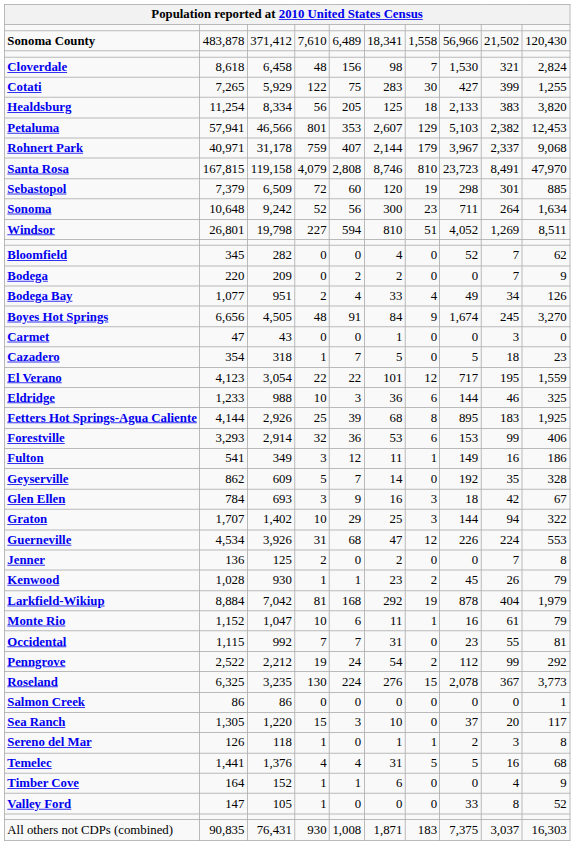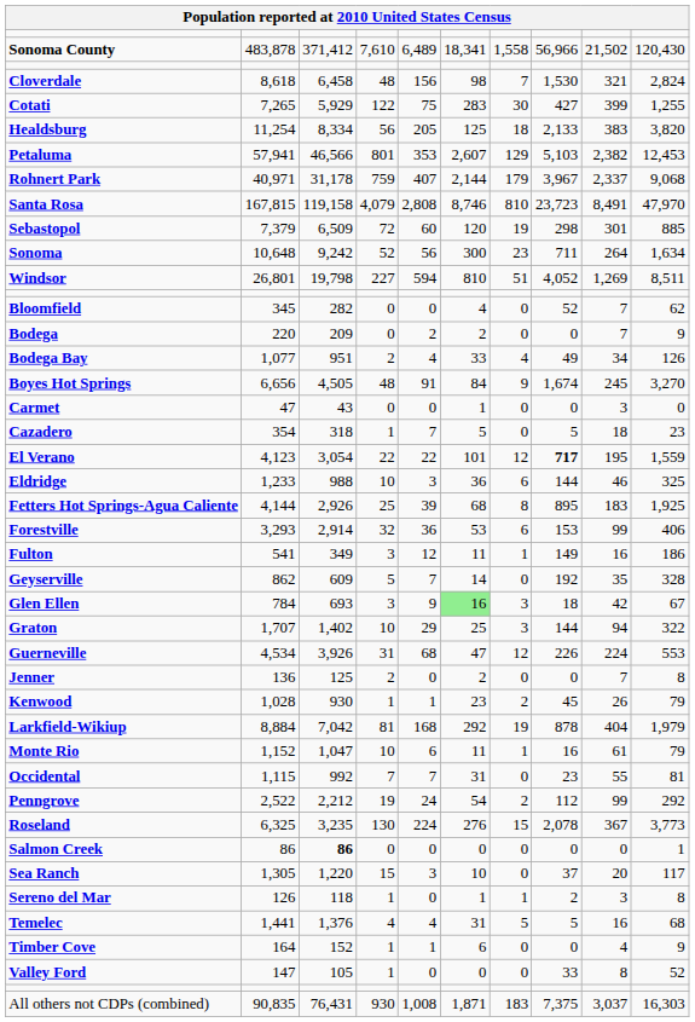 <table class="wikitable collapsible collapsed">
 <tr>
 <th colspan=10>Population reported at <a href='#'>2010 United States Census</a></th>
 </tr>
 <tr>
 <td></td>
 <td></td>
 <td></td>
 <td></td>
 <td></td>
 <td></td>
 <td></td>
 <td></td>
 <td></td>
 <td></td>
 </tr>
 <tr>
 <td><strong> Sonoma County</strong></td>
 <td align="right">483,878</td>
 <td align="right">371,412</td>
 <td align="right">7,610</td>
 <td align="right">6,489</td>
 <td align="right">18,341</td>
 <td align="right">1,558</td>
 <td align="right">56,966</td>
 <td align="right">21,502</td>
 <td align="right">120,430</td>
 </tr>
 <tr>
 <td></td>
 <td></td>
 <td></td>
 <td></td>
 <td></td>
 <td></td>
 <td></td>
 <td></td>
 <td></td>
 <td></td>
 </tr>
 <tr>
 <td><strong><a href='#'>Cloverdale</a></strong></td>
 <td align="right">8,618</td>
 <td align="right">6,458</td>
 <td align="right">48</td>
 <td align="right">156</td>
 <td align="right">98</td>
 <td align="right">7</td>
 <td align="right">1,530</td>
 <td align="right">321</td>
 <td align="right">2,824</td>
 </tr>
 <tr>
 <td><strong><a href='#'>Cotati</a></strong></td>
 <td align="right">7,265</td>
 <td align="right">5,929</td>
 <td align="right">122</td>
 <td align="right">75</td>
 <td align="right">283</td>
 <td align="right">30</td>
 <td align="right">427</td>
 <td align="right">399</td>
 <td align="right">1,255</td>
 </tr>
 <tr>
 <td><strong><a href='#'>Healdsburg</a></strong></td>
 <td align="right">11,254</td>
 <td align="right">8,334</td>
 <td align="right">56</td>
 <td align="right">205</td>
 <td align="right">125</td>
 <td align="right">18</td>
 <td align="right">2,133</td>
 <td align="right">383</td>
 <td align="right">3,820</td>
 </tr>
 <tr>
 <td><strong><a href='#'>Petaluma</a></strong></td>
 <td align="right">57,941</td>
 <td align="right">46,566</td>
 <td align="right">801</td>
 <td align="right">353</td>
 <td align="right">2,607</td>
 <td align="right">129</td>
 <td align="right">5,103</td>
 <td align="right">2,382</td>
 <td align="right">12,453</td>
 </tr>
 <tr>
 <td><strong><a href='#'>Rohnert Park</a></strong></td>
 <td align="right">40,971</td>
 <td align="right">31,178</td>
 <td align="right">759</td>
 <td align="right">407</td>
 <td align="right">2,144</td>
 <td align="right">179</td>
 <td align="right">3,967</td>
 <td align="right">2,337</td>
 <td align="right">9,068</td>
 </tr>
 <tr>
 <td><strong><a href='#'>Santa Rosa</a></strong></td>
 <td align="right">167,815</td>
 <td align="right">119,158</td>
 <td align="right">4,079</td>
 <td align="right">2,808</td>
 <td align="right">8,746</td>
 <td align="right">810</td>
 <td align="right">23,723</td>
 <td align="right">8,491</td>
 <td align="right">47,970</td>
 </tr>
 <tr>
 <td><strong><a href='#'>Sebastopol</a></strong></td>
 <td align="right">7,379</td>
 <td align="right">6,509</td>
 <td align="right">72</td>
 <td align="right">60</td>
 <td align="right">120</td>
 <td align="right">19</td>
 <td align="right">298</td>
 <td align="right">301</td>
 <td align="right">885</td>
 </tr>
 <tr>
 <td><strong><a href='#'>Sonoma</a></strong></td>
 <td align="right">10,648</td>
 <td align="right">9,242</td>
 <td align="right">52</td>
 <td align="right">56</td>
 <td align="right">300</td>
 <td align="right">23</td>
 <td align="right">711</td>
 <td align="right">264</td>
 <td align="right">1,634</td>
 </tr>
 <tr>
 <td><strong><a href='#'>Windsor</a></strong></td>
 <td align="right">26,801</td>
 <td align="right">19,798</td>
 <td align="right">227</td>
 <td align="right">594</td>
 <td align="right">810</td>
 <td align="right">51</td>
 <td align="right">4,052</td>
 <td align="right">1,269</td>
 <td align="right">8,511</td>
 </tr>
 <tr>
 <td></td>
 <td></td>
 <td></td>
 <td></td>
 <td></td>
 <td></td>
 <td></td>
 <td></td>
 <td></td>
 <td></td>
 </tr>
 <tr>
 <td><strong><a href='#'>Bloomfield</a></strong></td>
 <td align="right">345</td>
 <td align="right">282</td>
 <td align="right">0</td>
 <td align="right">0</td>
 <td align="right">4</td>
 <td align="right">0</td>
 <td align="right">52</td>
 <td align="right">7</td>
 <td align="right">62</td>
 </tr>
 <tr>
 <td><strong><a href='#'>Bodega</a></strong></td>
 <td align="right">220</td>
 <td align="right">209</td>
 <td align="right">0</td>
 <td align="right">2</td>
 <td align="right">2</td>
 <td align="right">0</td>
 <td align="right">0</td>
 <td align="right">7</td>
 <td align="right">9</td>
 </tr>
 <tr>
 <td><strong><a href='#'>Bodega Bay</a></strong></td>
 <td align="right">1,077</td>
 <td align="right">951</td>
 <td align="right">2</td>
 <td align="right">4</td>
 <td align="right">33</td>
 <td align="right">4</td>
 <td align="right">49</td>
 <td align="right">34</td>
 <td align="right">126</td>
 </tr>
 <tr>
 <td><strong><a href='#'>Boyes Hot Springs</a></strong></td>
 <td align="right">6,656</td>
 <td align="right">4,505</td>
 <td align="right">48</td>
 <td align="right">91</td>
 <td align="right">84</td>
 <td align="right">9</td>
 <td align="right">1,674</td>
 <td align="right">245</td>
 <td align="right">3,270</td>
 </tr>
 <tr>
 <td><strong><a href='#'>Carmet</a></strong></td>
 <td align="right">47</td>
 <td align="right">43</td>
 <td align="right">0</td>
 <td align="right">0</td>
 <td align="right">1</td>
 <td align="right">0</td>
 <td align="right">0</td>
 <td align="right">3</td>
 <td align="right">0</td>
 </tr>
 <tr>
 <td><strong><a href='#'>Cazadero</a></strong></td>
 <td align="right">354</td>
 <td align="right">318</td>
 <td align="right">1</td>
 <td align="right">7</td>
 <td align="right">5</td>
 <td align="right">0</td>
 <td align="right">5</td>
 <td align="right">18</td>
 <td align="right">23</td>
 </tr>
 <tr>
 <td><strong><a href='#'>El Verano</a></strong></td>
 <td align="right">4,123</td>
 <td align="right">3,054</td>
 <td align="right">22</td>
 <td align="right">22</td>
 <td align="right">101</td>
 <td align="right">12</td>
-<td align="right">717</td>
+<td align="right"><strong>717</strong></td>
 <td align="right">195</td>
 <td align="right">1,559</td>
 </tr>
 <tr>
 <td><strong><a href='#'>Eldridge</a></strong></td>
 <td align="right">1,233</td>
 <td align="right">988</td>
 <td align="right">10</td>
 <td align="right">3</td>
 <td align="right">36</td>
 <td align="right">6</td>
 <td align="right">144</td>
 <td align="right">46</td>
 <td align="right">325</td>
 </tr>
 <tr>
 <td><strong><a href='#'>Fetters Hot Springs-Agua Caliente</a></strong></td>
 <td align="right">4,144</td>
 <td align="right">2,926</td>
 <td align="right">25</td>
 <td align="right">39</td>
 <td align="right">68</td>
 <td align="right">8</td>
 <td align="right">895</td>
 <td align="right">183</td>
 <td align="right">1,925</td>
 </tr>
 <tr>
 <td><strong><a href='#'>Forestville</a></strong></td>
 <td align="right">3,293</td>
 <td align="right">2,914</td>
 <td align="right">32</td>
 <td align="right">36</td>
 <td align="right">53</td>
 <td align="right">6</td>
 <td align="right">153</td>
 <td align="right">99</td>
 <td align="right">406</td>
 </tr>
 <tr>
 <td><strong><a href='#'>Fulton</a></strong></td>
 <td align="right">541</td>
 <td align="right">349</td>
 <td align="right">3</td>
 <td align="right">12</td>
 <td align="right">11</td>
 <td align="right">1</td>
 <td align="right">149</td>
 <td align="right">16</td>
 <td align="right">186</td>
 </tr>
 <tr>
 <td><strong><a href='#'>Geyserville</a></strong></td>
 <td align="right">862</td>
 <td align="right">609</td>
 <td align="right">5</td>
 <td align="right">7</td>
 <td align="right">14</td>
 <td align="right">0</td>
 <td align="right">192</td>
 <td align="right">35</td>
 <td align="right">328</td>
 </tr>
 <tr>
 <td><strong><a href='#'>Glen Ellen</a></strong></td>
 <td align="right">784</td>
 <td align="right">693</td>
 <td align="right">3</td>
 <td align="right">9</td>
-<td align="right">16</td>
+<td align="right" style="background: lightgreen;">16</td>
 <td align="right">3</td>
 <td align="right">18</td>
 <td align="right">42</td>
 <td align="right">67</td>
 </tr>
 <tr>
 <td><strong><a href='#'>Graton</a></strong></td>
 <td align="right">1,707</td>
 <td align="right">1,402</td>
 <td align="right">10</td>
 <td align="right">29</td>
 <td align="right">25</td>
 <td align="right">3</td>
 <td align="right">144</td>
 <td align="right">94</td>
 <td align="right">322</td>
 </tr>
 <tr>
 <td><strong><a href='#'>Guerneville</a></strong></td>
 <td align="right">4,534</td>
 <td align="right">3,926</td>
 <td align="right">31</td>
 <td align="right">68</td>
 <td align="right">47</td>
 <td align="right">12</td>
 <td align="right">226</td>
 <td align="right">224</td>
 <td align="right">553</td>
 </tr>
 <tr>
 <td><strong><a href='#'>Jenner</a></strong></td>
 <td align="right">136</td>
 <td align="right">125</td>
 <td align="right">2</td>
 <td align="right">0</td>
 <td align="right">2</td>
 <td align="right">0</td>
 <td align="right">0</td>
 <td align="right">7</td>
 <td align="right">8</td>
 </tr>
 <tr>
 <td><strong><a href='#'>Kenwood</a></strong></td>
 <td align="right">1,028</td>
 <td align="right">930</td>
 <td align="right">1</td>
 <td align="right">1</td>
 <td align="right">23</td>
 <td align="right">2</td>
 <td align="right">45</td>
 <td align="right">26</td>
 <td align="right">79</td>
 </tr>
 <tr>
 <td><strong><a href='#'>Larkfield-Wikiup</a></strong></td>
 <td align="right">8,884</td>
 <td align="right">7,042</td>
 <td align="right">81</td>
 <td align="right">168</td>
 <td align="right">292</td>
 <td align="right">19</td>
 <td align="right">878</td>
 <td align="right">404</td>
 <td align="right">1,979</td>
 </tr>
 <tr>
 <td><strong><a href='#'>Monte Rio</a></strong></td>
 <td align="right">1,152</td>
 <td align="right">1,047</td>
 <td align="right">10</td>
 <td align="right">6</td>
 <td align="right">11</td>
 <td align="right">1</td>
 <td align="right">16</td>
 <td align="right">61</td>
 <td align="right">79</td>
 </tr>
 <tr>
 <td><strong><a href='#'>Occidental</a></strong></td>
 <td align="right">1,115</td>
 <td align="right">992</td>
 <td align="right">7</td>
 <td align="right">7</td>
 <td align="right">31</td>
 <td align="right">0</td>
 <td align="right">23</td>
 <td align="right">55</td>
 <td align="right">81</td>
 </tr>
 <tr>
 <td><strong><a href='#'>Penngrove</a></strong></td>
 <td align="right">2,522</td>
 <td align="right">2,212</td>
 <td align="right">19</td>
 <td align="right">24</td>
 <td align="right">54</td>
 <td align="right">2</td>
 <td align="right">112</td>
 <td align="right">99</td>
 <td align="right">292</td>
 </tr>
 <tr>
 <td><strong><a href='#'>Roseland</a></strong></td>
 <td align="right">6,325</td>
 <td align="right">3,235</td>
 <td align="right">130</td>
 <td align="right">224</td>
 <td align="right">276</td>
 <td align="right">15</td>
 <td align="right">2,078</td>
 <td align="right">367</td>
 <td align="right">3,773</td>
 </tr>
 <tr>
 <td><strong><a href='#'>Salmon Creek</a></strong></td>
 <td align="right">86</td>
-<td align="right">86</td>
+<td align="right"><strong>86</strong></td>
 <td align="right">0</td>
 <td align="right">0</td>
 <td align="right">0</td>
 <td align="right">0</td>
 <td align="right">0</td>
 <td align="right">0</td>
 <td align="right">1</td>
 </tr>
 <tr>
 <td><strong><a href='#'>Sea Ranch</a></strong></td>
 <td align="right">1,305</td>
 <td align="right">1,220</td>
 <td align="right">15</td>
 <td align="right">3</td>
 <td align="right">10</td>
 <td align="right">0</td>
 <td align="right">37</td>
 <td align="right">20</td>
 <td align="right">117</td>
 </tr>
 <tr>
 <td><strong><a href='#'>Sereno del Mar</a></strong></td>
 <td align="right">126</td>
 <td align="right">118</td>
 <td align="right">1</td>
 <td align="right">0</td>
 <td align="right">1</td>
 <td align="right">1</td>
 <td align="right">2</td>
 <td align="right">3</td>
 <td align="right">8</td>
 </tr>
 <tr>
 <td><strong><a href='#'>Temelec</a></strong></td>
 <td align="right">1,441</td>
 <td align="right">1,376</td>
 <td align="right">4</td>
 <td align="right">4</td>
 <td align="right">31</td>
 <td align="right">5</td>
 <td align="right">5</td>
 <td align="right">16</td>
 <td align="right">68</td>
 </tr>
 <tr>
 <td><strong><a href='#'>Timber Cove</a></strong></td>
 <td align="right">164</td>
 <td align="right">152</td>
 <td align="right">1</td>
 <td align="right">1</td>
 <td align="right">6</td>
 <td align="right">0</td>
 <td align="right">0</td>
 <td align="right">4</td>
 <td align="right">9</td>
 </tr>
 <tr>
 <td><strong><a href='#'>Valley Ford</a></strong></td>
 <td align="right">147</td>
 <td align="right">105</td>
 <td align="right">1</td>
 <td align="right">0</td>
 <td align="right">0</td>
 <td align="right">0</td>
 <td align="right">33</td>
 <td align="right">8</td>
 <td align="right">52</td>
 </tr>
 <tr>
 <td></td>
 <td></td>
 <td></td>
 <td></td>
 <td></td>
 <td></td>
 <td></td>
 <td></td>
 <td></td>
 <td></td>
 </tr>
 <tr>
 <td>All others not CDPs (combined)</td>
 <td align="right">90,835</td>
 <td align="right">76,431</td>
 <td align="right">930</td>
 <td align="right">1,008</td>
 <td align="right">1,871</td>
 <td align="right">183</td>
 <td align="right">7,375</td>
 <td align="right">3,037</td>
 <td align="right">16,303</td>
 </tr>
 </table>
